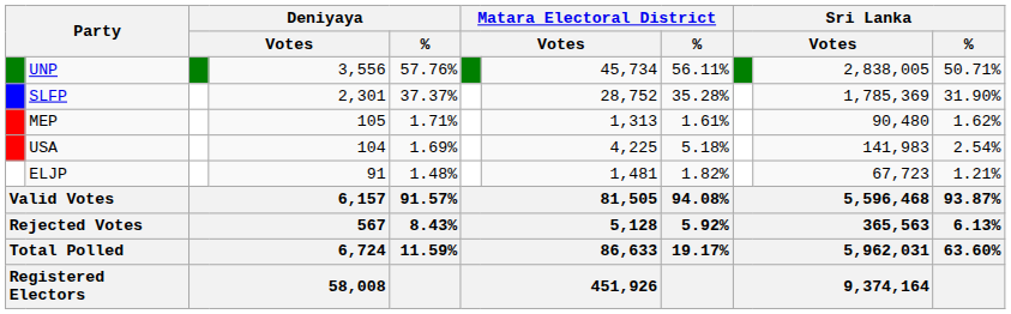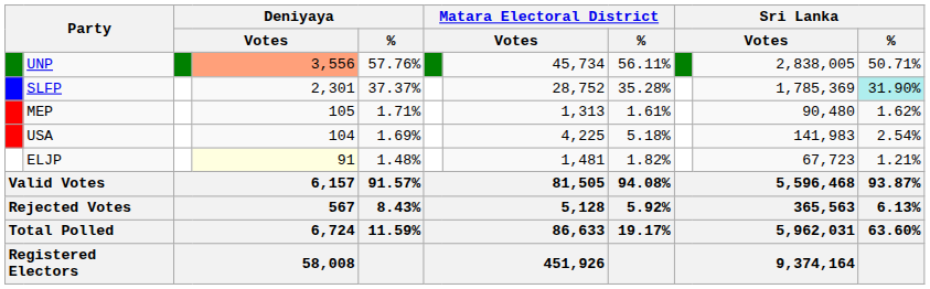 <table class="wikitable">
 <tr>
 <th colspan="2" width="144px"rowspan="2">Party</th>
 <th colspan="3" width="216px">Deniyaya</th>
 <th colspan="3" width="216px"><a href='#'>Matara Electoral District</a></th>
 <th colspan="3" width="216px">Sri Lanka</th>
 </tr>
 <tr>
 <th colspan="2" width="144px">Votes</th>
 <th>%</th>
 <th colspan="2" width="144px">Votes</th>
 <th>%</th>
 <th colspan="2" width="144px">Votes</th>
 <th>%</th>
 </tr>
 <tr>
 <td style="background-color:green;" width="10px"></td>
 <td style="text-align:left;"><a href='#'>UNP</a></td>
 <td style="background-color:green;" width="10px"></td>
-<td style="text-align:right;">3,556</td>
+<td style="background: lightsalmon; text-align:right;">3,556</td>
 <td style="text-align:right;">57.76%</td>
 <td style="background-color:green;" width="10px"></td>
 <td style="text-align:right;">45,734</td>
 <td style="text-align:right;">56.11%</td>
 <td style="background-color:green;" width="10px"></td>
 <td style="text-align:right;">2,838,005</td>
 <td style="text-align:right;">50.71%</td>
 </tr>
 <tr>
 <td style="background-color:blue;" width="10px"></td>
 <td style="text-align:left;"><a href='#'>SLFP</a></td>
 <td style="background-color:white;" width="10px"></td>
 <td style="text-align:right;">2,301</td>
 <td style="text-align:right;">37.37%</td>
 <td style="background-color:white;" width="10px"></td>
 <td style="text-align:right;">28,752</td>
 <td style="text-align:right;">35.28%</td>
 <td style="background-color:white;" width="10px"></td>
 <td style="text-align:right;">1,785,369</td>
-<td style="text-align:right;">31.90%</td>
+<td style="background: paleturquoise; text-align:right;">31.90%</td>
 </tr>
 <tr>
 <td style="background-color:red;" width="10px"></td>
 <td style="text-align:left;">MEP</td>
 <td style="background-color:white;" width="10px"></td>
 <td style="text-align:right;">105</td>
 <td style="text-align:right;">1.71%</td>
 <td style="background-color:white;" width="10px"></td>
 <td style="text-align:right;">1,313</td>
 <td style="text-align:right;">1.61%</td>
 <td style="background-color:white;" width="10px"></td>
 <td style="text-align:right;">90,480</td>
 <td style="text-align:right;">1.62%</td>
 </tr>
 <tr>
 <td style="background-color:red;" width="10px"></td>
 <td style="text-align:left;">USA</td>
 <td style="background-color:white;" width="10px"></td>
 <td style="text-align:right;">104</td>
 <td style="text-align:right;">1.69%</td>
 <td style="background-color:white;" width="10px"></td>
 <td style="text-align:right;">4,225</td>
 <td style="text-align:right;">5.18%</td>
 <td style="background-color:white;" width="10px"></td>
 <td style="text-align:right;">141,983</td>
 <td style="text-align:right;">2.54%</td>
 </tr>
 <tr>
 <td style="background-color:white;" width="10px"></td>
 <td style="text-align:left;">ELJP</td>
 <td style="background-color:white;" width="10px"></td>
-<td style="text-align:right;">91</td>
+<td style="background: lightyellow; text-align:right;">91</td>
 <td style="text-align:right;">1.48%</td>
 <td style="background-color:white;" width="10px"></td>
 <td style="text-align:right;">1,481</td>
 <td style="text-align:right;">1.82%</td>
 <td style="background-color:white;" width="10px"></td>
 <td style="text-align:right;">67,723</td>
 <td style="text-align:right;">1.21%</td>
 </tr>
 <tr>
 <th colspan="2" width="144px"style="text-align:left;">Valid Votes</th>
 <th style="text-align:right;"colspan="2" width="144px">6,157</th>
 <th style="text-align:right;">91.57%</th>
 <th style="text-align:right;"colspan="2" width="144px">81,505</th>
 <th style="text-align:right;">94.08%</th>
 <th style="text-align:right;"colspan="2" width="144px">5,596,468</th>
 <th style="text-align:right;">93.87%</th>
 </tr>
 <tr>
 <th colspan="2" width="144px"style="text-align:left;">Rejected Votes</th>
 <th style="text-align:right;"colspan="2" width="144px">567</th>
 <th style="text-align:right;">8.43%</th>
 <th style="text-align:right;"colspan="2" width="144px">5,128</th>
 <th style="text-align:right;">5.92%</th>
 <th style="text-align:right;"colspan="2" width="144px">365,563</th>
 <th style="text-align:right;">6.13%</th>
 </tr>
 <tr>
 <th colspan="2" width="144px"style="text-align:left;">Total Polled</th>
 <th style="text-align:right;"colspan="2" width="144px">6,724</th>
 <th style="text-align:right;">11.59%</th>
 <th style="text-align:right;"colspan="2" width="144px">86,633</th>
 <th style="text-align:right;">19.17%</th>
 <th style="text-align:right;"colspan="2" width="144px">5,962,031</th>
 <th style="text-align:right;">63.60%</th>
 </tr>
 <tr>
 <th colspan="2" width="144px"style="text-align:left;">Registered Electors</th>
 <th style="text-align:right;"colspan="2" width="144px">58,008</th>
 <th></th>
 <th style="text-align:right;"colspan="2" width="144px">451,926</th>
 <th></th>
 <th style="text-align:right;"colspan="2" width="144px">9,374,164</th>
 <th></th>
 </tr>
 </table>
